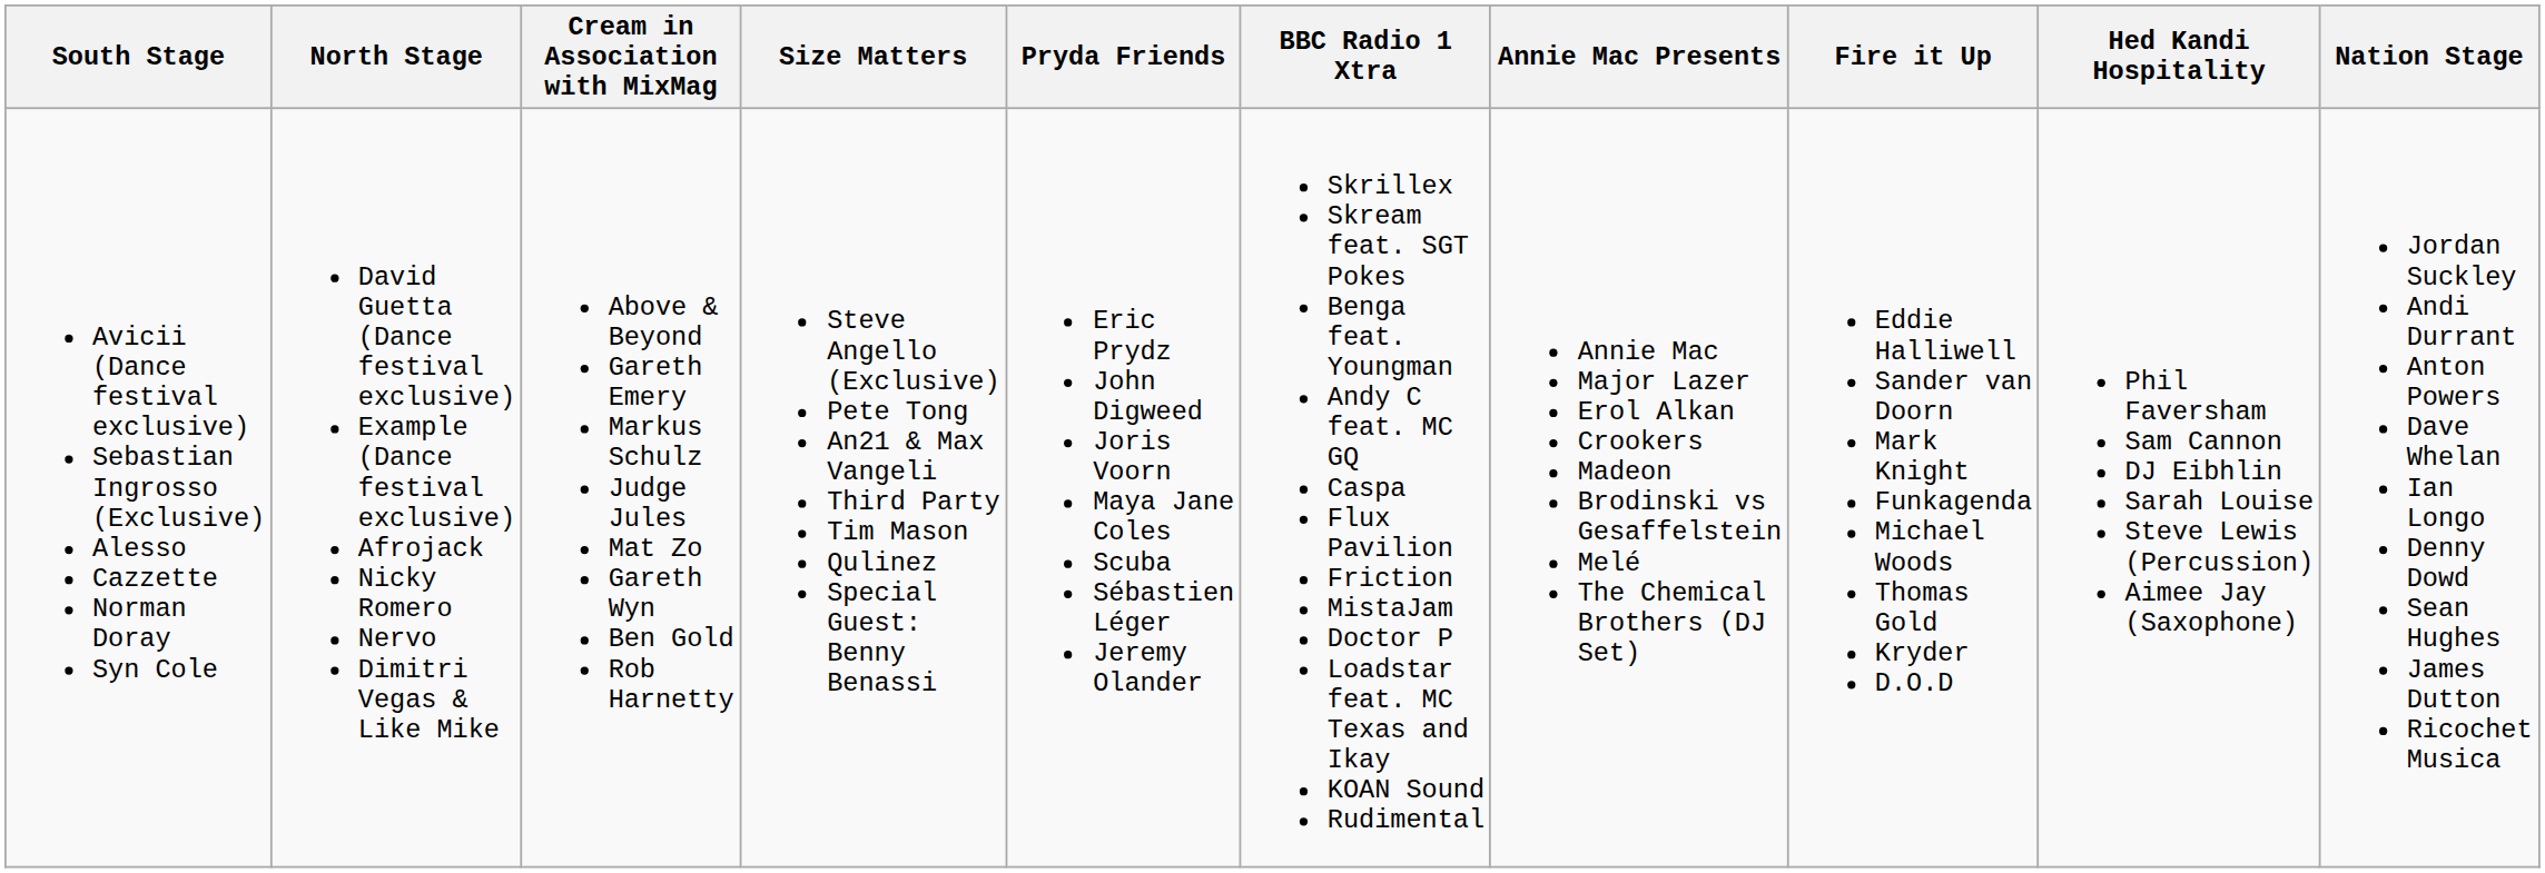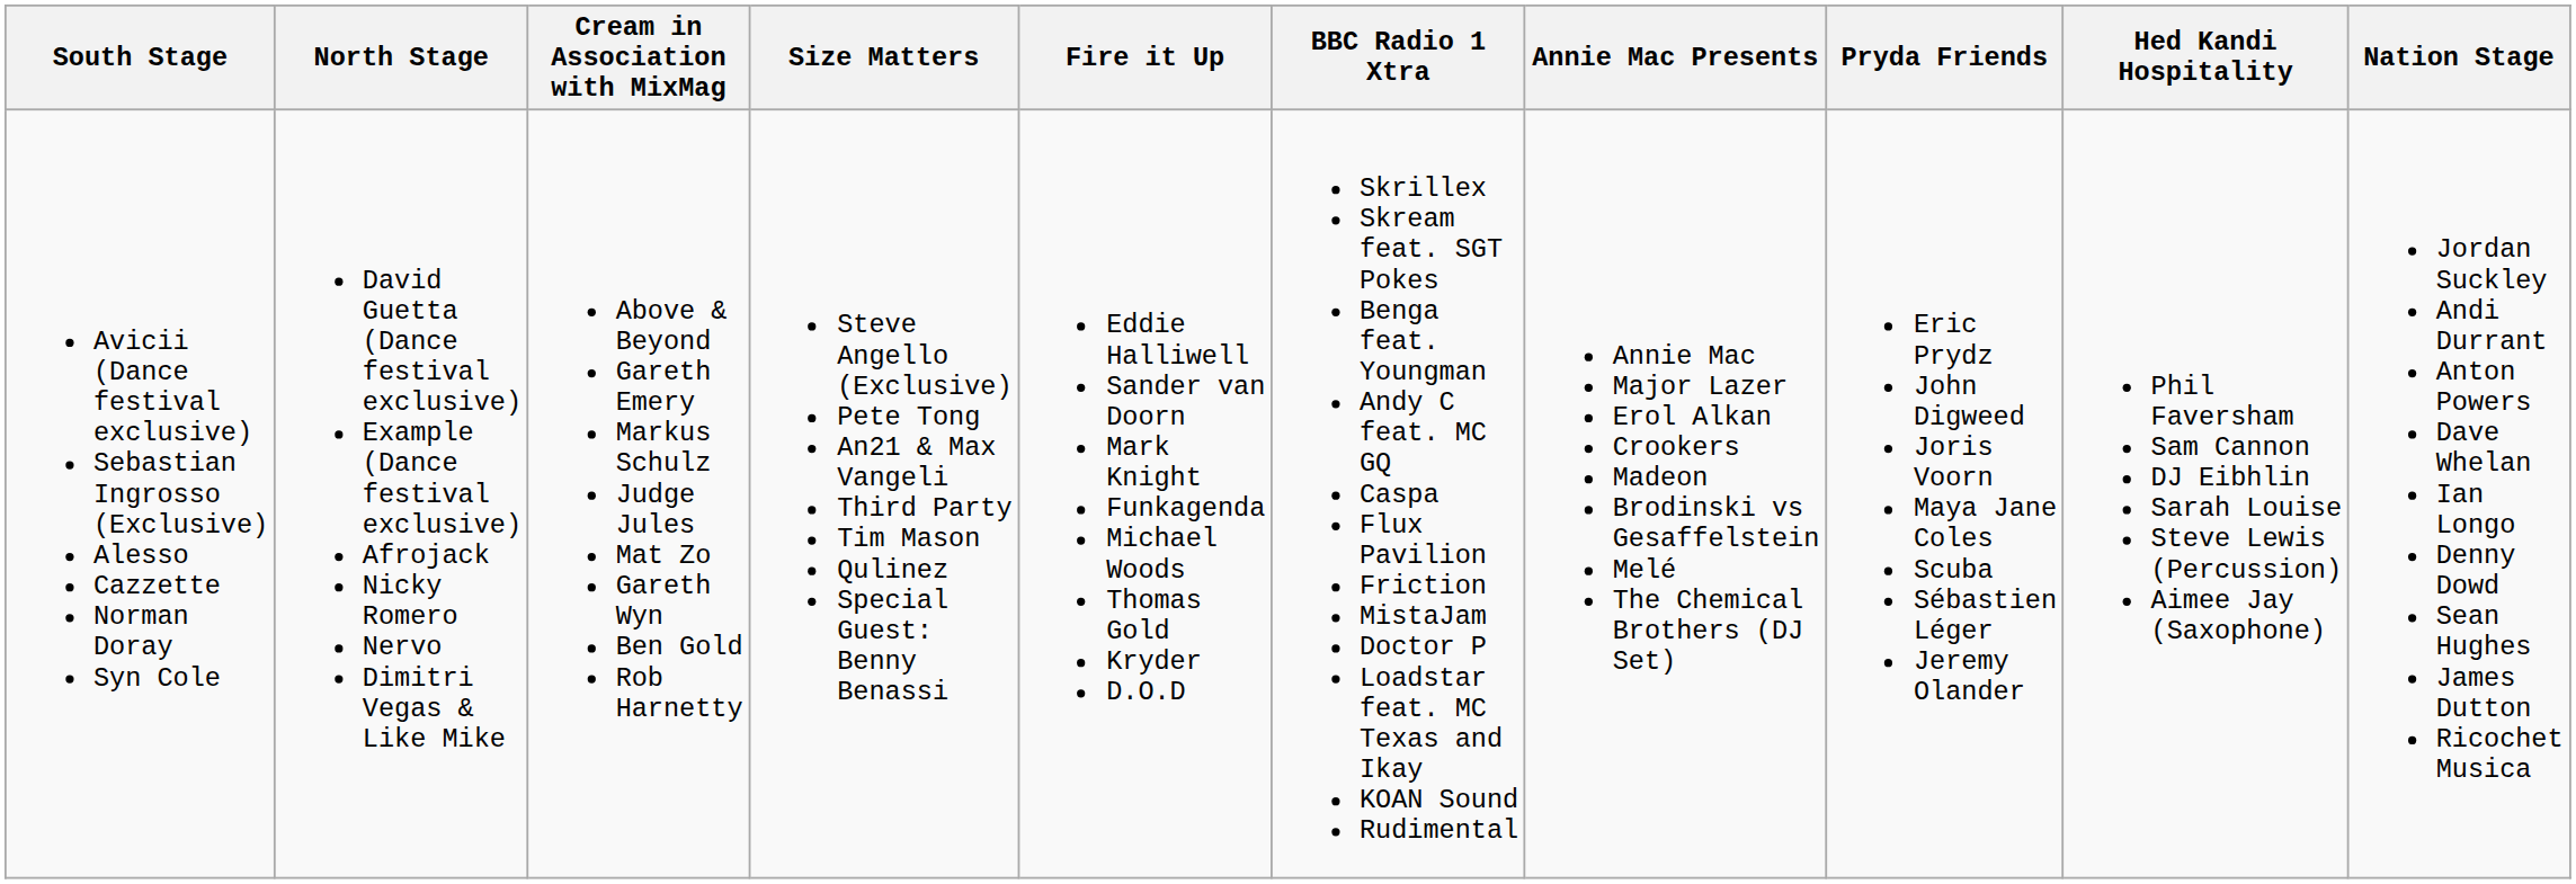 <table class="wikitable">
 <tr>
 <th>South Stage</th>
 <th>North Stage</th>
 <th>Cream in Association with MixMag</th>
 <th>Size Matters</th>
-<th>Pryda Friends</th>
+<th>Fire it Up</th>
 <th>BBC Radio 1 Xtra</th>
 <th>Annie Mac Presents</th>
-<th>Fire it Up</th>
+<th>Pryda Friends</th>
 <th>Hed Kandi Hospitality</th>
 <th>Nation Stage</th>
 </tr>
 <tr>
 <td><br><ul><li>Avicii (Dance festival exclusive)</li><li>Sebastian Ingrosso (Exclusive)</li><li>Alesso</li><li>Cazzette</li><li>Norman Doray</li><li>Syn Cole</li></ul></td>
 <td><br><ul><li>David Guetta (Dance festival exclusive)</li><li>Example (Dance festival exclusive)</li><li>Afrojack</li><li>Nicky Romero</li><li>Nervo</li><li>Dimitri Vegas & Like Mike</li></ul></td>
 <td><br><ul><li>Above & Beyond</li><li>Gareth Emery</li><li>Markus Schulz</li><li>Judge Jules</li><li>Mat Zo</li><li>Gareth Wyn</li><li>Ben Gold</li><li>Rob Harnetty</li></ul></td>
 <td><br><ul><li>Steve Angello (Exclusive)</li><li>Pete Tong</li><li>An21 & Max Vangeli</li><li>Third Party</li><li>Tim Mason</li><li>Qulinez</li><li>Special Guest: Benny Benassi</li></ul></td>
-<td><br><ul><li>Eric Prydz</li><li>John Digweed</li><li>Joris Voorn</li><li>Maya Jane Coles</li><li>Scuba</li><li>Sébastien Léger</li><li>Jeremy Olander</li></ul></td>
+<td><br><ul><li>Eddie Halliwell</li><li>Sander van Doorn</li><li>Mark Knight</li><li>Funkagenda</li><li>Michael Woods</li><li>Thomas Gold</li><li>Kryder</li><li>D.O.D</li></ul></td>
 <td><br><ul><li>Skrillex</li><li>Skream feat. SGT Pokes</li><li>Benga feat. Youngman</li><li>Andy C feat. MC GQ</li><li>Caspa</li><li>Flux Pavilion</li><li>Friction</li><li>MistaJam</li><li>Doctor P</li><li>Loadstar feat. MC Texas and Ikay</li><li>KOAN Sound</li><li>Rudimental</li></ul></td>
 <td><br><ul><li>Annie Mac</li><li>Major Lazer</li><li>Erol Alkan</li><li>Crookers</li><li>Madeon</li><li>Brodinski vs Gesaffelstein</li><li>Melé</li><li>The Chemical Brothers (DJ Set)</li></ul></td>
-<td><br><ul><li>Eddie Halliwell</li><li>Sander van Doorn</li><li>Mark Knight</li><li>Funkagenda</li><li>Michael Woods</li><li>Thomas Gold</li><li>Kryder</li><li>D.O.D</li></ul></td>
+<td><br><ul><li>Eric Prydz</li><li>John Digweed</li><li>Joris Voorn</li><li>Maya Jane Coles</li><li>Scuba</li><li>Sébastien Léger</li><li>Jeremy Olander</li></ul></td>
 <td><br><ul><li>Phil Faversham</li><li>Sam Cannon</li><li>DJ Eibhlin</li><li>Sarah Louise</li><li>Steve Lewis (Percussion)</li><li>Aimee Jay (Saxophone)</li></ul></td>
 <td><br><ul><li>Jordan Suckley</li><li>Andi Durrant</li><li>Anton Powers</li><li>Dave Whelan</li><li>Ian Longo</li><li>Denny Dowd</li><li>Sean Hughes</li><li>James Dutton</li><li>Ricochet Musica</li></ul></td>
 </tr>
 </table>
